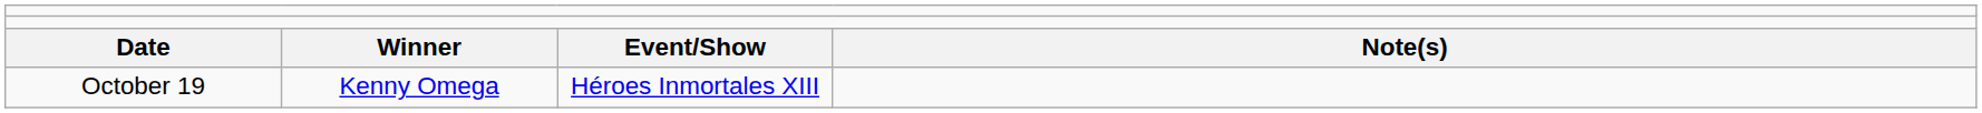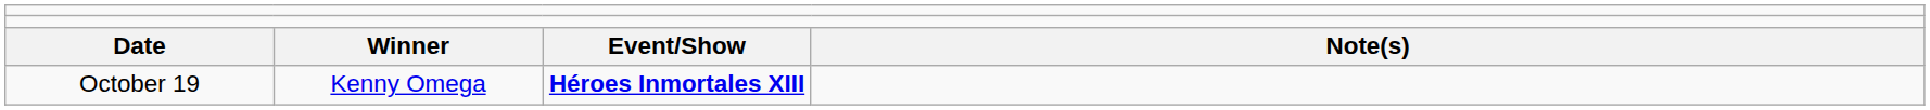 <table class="wikitable" style="text-align:center; width:100%;">
 <tr>
 <td colspan="4"></td>
 </tr>
 <tr>
 <td colspan="4"><strong></strong></td>
 </tr>
 <tr>
 <th width=14%>Date</th>
 <th width=14%>Winner</th>
 <th width=14%>Event/Show</th>
 <th width=58%>Note(s)</th>
 </tr>
 <tr>
 <td>October 19</td>
 <td><a href='#'>Kenny Omega</a></td>
-<td><a href='#'>Héroes Inmortales XIII</a></td>
+<td><strong><a href='#'>Héroes Inmortales XIII</a></strong></td>
 <td></td>
 </tr>
 </table>
